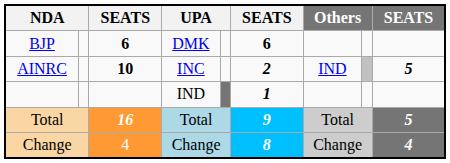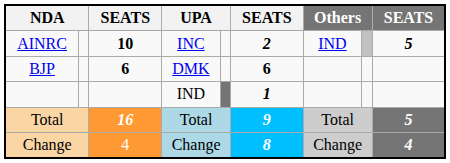 <table class="wikitable" width="35%" cellpadding="2" cellspacing="0" border="1" style="text-align:center; border: 2px #000000 solid; font-size: x-big">
 <tr>
 <th colspan="2" style="background:">NDA</th>
 <th style="background:">SEATS</th>
 <th colspan="2" style="background:">UPA</th>
 <th style="background:">SEATS</th>
 <th colspan="2" style="background:#757575; color:white;">Others</th>
 <th style="background:#757575; color:white;">SEATS</th>
+</tr>
+<tr>
+<td><a href='#'>AINRC</a></td>
+<td width="3px" style="background-color: "></td>
+<td><strong>10</strong></td>
+<td><a href='#'>INC</a></td>
+<td width="3px" style="background-color: "></td>
+<td><strong><em>2</em></strong></td>
+<td><a href='#'>IND</a></td>
+<td width="3px" style="background-color: #C1C1C1"></td>
+<td><strong><em>5</em></strong></td>
 </tr>
 <tr>
 <td><a href='#'>BJP</a></td>
 <td width="3px" style="background-color: "></td>
 <td><strong>6</strong></td>
 <td><a href='#'>DMK</a></td>
 <td width="3px" style="background-color: "></td>
 <td><strong>6</strong></td>
 <td></td>
 <td></td>
 <td></td>
-</tr>
-<tr>
-<td><a href='#'>AINRC</a></td>
-<td width="3px" style="background-color: "></td>
-<td><strong>10</strong></td>
-<td><a href='#'>INC</a></td>
-<td width="3px" style="background-color: "></td>
-<td><strong><em>2</em></strong></td>
-<td><a href='#'>IND</a></td>
-<td width="3px" style="background-color: #C1C1C1"></td>
-<td><strong><em>5</em></strong></td>
 </tr>
 <tr>
 <td></td>
 <td></td>
 <td></td>
 <td>IND</td>
 <td width="3px" style="background-color:#757575"></td>
 <td><strong><em>1</em></strong></td>
 <td></td>
 <td></td>
 <td></td>
 </tr>
 <tr>
 <td colspan="2" style="background:#FAD6A5;">Total</td>
 <td style="background:#FF9933 ; color:white;"><strong><em>16</em></strong></td>
 <td colspan="2" style="background:#ADD8E6">Total</td>
 <td style="background:#00BFFF; color:white;"><strong><em>9</em></strong></td>
 <td colspan="2" style="background:#CDCDCD">Total</td>
 <td style="background:#757575; color:white;"><strong><em>5</em></strong></td>
 </tr>
 <tr 00>
 <td colspan="2" style="background:#FAD6A5;">Change</td>
 <td style="background:#FF9933 ; color:white;"> 4</td>
 <td colspan="2" style="background:#ADD8E6">Change</td>
 <td style="background:#00BFFF; color:white;"><strong><em> 8</em></strong></td>
 <td colspan="2" style="background:#CDCDCD">Change</td>
 <td style="background:#757575; color:white;"><strong><em> 4</em></strong></td>
 </tr>
 </table>
